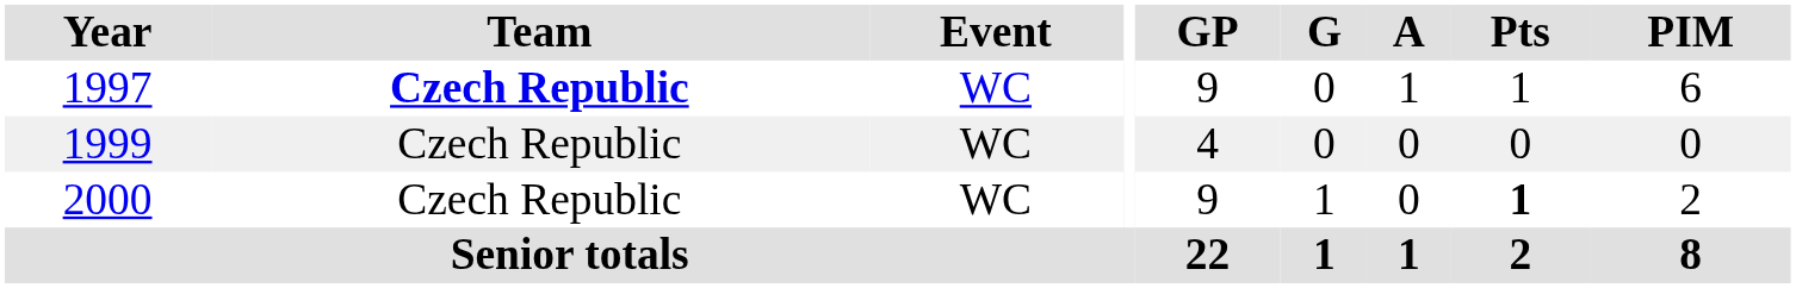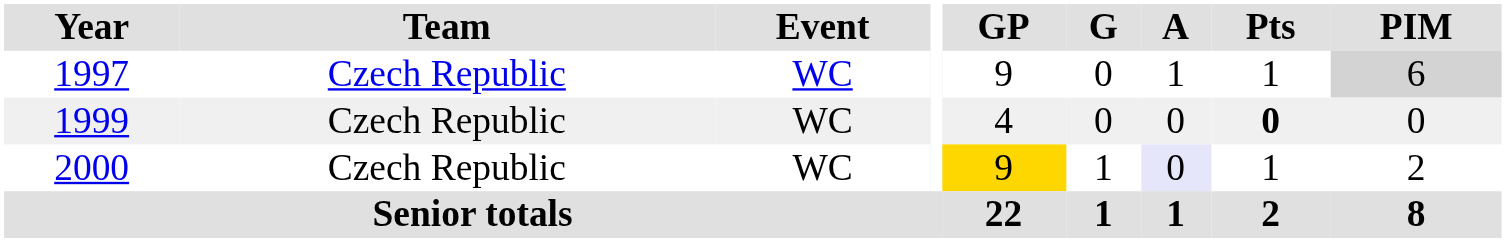 <table border="0" cellpadding="1" cellspacing="0" ID="Table3" style="text-align:center; width:40em">
 <tr bgcolor="#e0e0e0">
 <th>Year</th>
 <th>Team</th>
 <th>Event</th>
 <th rowspan="102" bgcolor="#ffffff"></th>
 <th>GP</th>
 <th>G</th>
 <th>A</th>
 <th>Pts</th>
 <th>PIM</th>
 </tr>
 <tr>
 <td><a href='#'>1997</a></td>
-<td><strong><a href='#'>Czech Republic</a></strong></td>
+<td><a href='#'>Czech Republic</a></td>
 <td><a href='#'>WC</a></td>
 <td>9</td>
 <td>0</td>
 <td>1</td>
 <td>1</td>
-<td>6</td>
+<td style="background: lightgrey;">6</td>
 </tr>
 <tr bgcolor="#f0f0f0">
 <td><a href='#'>1999</a></td>
 <td>Czech Republic</td>
 <td>WC</td>
 <td>4</td>
 <td>0</td>
 <td>0</td>
-<td>0</td>
+<td><strong>0</strong></td>
 <td>0</td>
 </tr>
 <tr>
 <td><a href='#'>2000</a></td>
 <td>Czech Republic</td>
 <td>WC</td>
-<td>9</td>
+<td style="background: gold;">9</td>
 <td>1</td>
-<td>0</td>
-<td><strong>1</strong></td>
+<td style="background: lavender;">0</td>
+<td>1</td>
 <td>2</td>
 </tr>
 <tr bgcolor="#e0e0e0">
 <th colspan="4">Senior totals</th>
 <th>22</th>
 <th>1</th>
 <th>1</th>
 <th>2</th>
 <th>8</th>
 </tr>
 </table>
